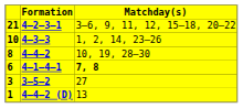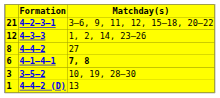 <table class="toccolours" border="0" cellpadding="2" cellspacing="0" align="center" style="margin: 0.5em 0 1em 1em; background: #000000; border: 1px #aaaaaa solid;">
 <tr bgcolor=#FFFF00>
 <th></th>
 <th>Formation</th>
 <th>Matchday(s)</th>
 </tr>
 <tr bgcolor=#FFFF00>
 <td><strong>21</strong></td>
 <td><a href='#'><span><strong>4–2–3–1</strong></span></a></td>
 <td>3–6, 9, 11, 12, 15–18, 20–22</td>
 </tr>
 <tr bgcolor=#FFFF00>
-<td><strong>10</strong></td>
+<td><strong>12</strong></td>
 <td><a href='#'><span><strong>4–3–3</strong></span></a></td>
 <td>1, 2, 14, 23–26</td>
 </tr>
 <tr bgcolor=#FFFF00>
 <td><strong>8</strong></td>
 <td><a href='#'><span><strong>4–4–2</strong></span></a></td>
-<td>10, 19, 28–30</td>
+<td>27</td>
 </tr>
 <tr bgcolor=#FFFF00>
 <td><strong>6</strong></td>
 <td><a href='#'><span><strong>4–1–4–1</strong></span></a></td>
 <td><strong>7, 8</strong></td>
 </tr>
 <tr bgcolor=#FFFF00>
 <td><strong>3</strong></td>
 <td><a href='#'><span><strong>3–5–2</strong></span></a></td>
-<td>27</td>
+<td>10, 19, 28–30</td>
 </tr>
 <tr bgcolor=#FFFF00>
 <td><strong>1</strong></td>
 <td><a href='#'><span><strong>4–4–2 (D)</strong></span></a></td>
 <td>13</td>
 </tr>
 </table>
